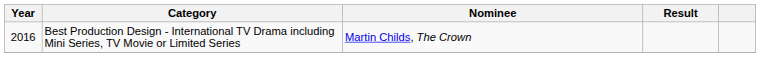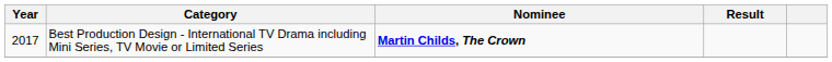 <table class="wikitable" style="width:85%;">
 <tr>
 <th width=5%>Year</th>
 <th style="width:40%;">Category</th>
 <th style="width:40%;">Nominee</th>
 <th style="width:10%;">Result</th>
 <th width=5%></th>
 </tr>
 <tr>
-<td style="text-align: center;">2016</td>
+<td style="text-align: center;">2017</td>
 <td>Best Production Design - International TV Drama including Mini Series, TV Movie or Limited Series</td>
-<td><a href='#'>Martin Childs</a>, <em>The Crown</em></td>
+<td><strong><a href='#'>Martin Childs</a>, <em>The Crown</em></strong></td>
 <td></td>
 <td></td>
 </tr>
 <tr>
 </tr>
 </table>
